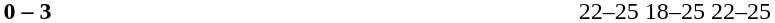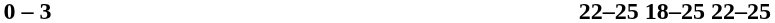 <table width=100% cellspacing=1>
 <tr>
 <th width=20%></th>
 <th width=12%></th>
 <th width=20%></th>
 <th width=33%></th>
 <td></td>
 </tr>
 <tr style=font-size:90%>
 <td align=right></td>
 <td align=center><strong>0 – 3</strong></td>
 <td><strong></strong></td>
-<td>22–25 18–25 22–25</td>
+<td><strong>22–25 18–25 22–25</strong></td>
 </tr>
 </table>
